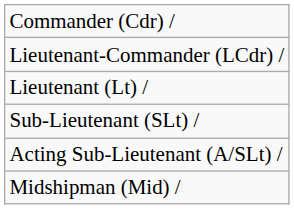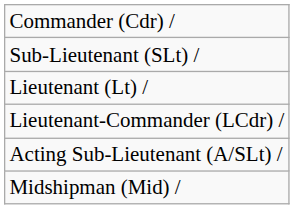 <table class="wikitable">
 <tr>
 <td>Commander (Cdr) /  </td>
 </tr>
 <tr>
-<td>Lieutenant-Commander (LCdr) /  </td>
+<td>Sub-Lieutenant (SLt) /  </td>
 </tr>
 <tr>
 <td>Lieutenant (Lt) /  </td>
 </tr>
 <tr>
-<td>Sub-Lieutenant (SLt) /  </td>
+<td>Lieutenant-Commander (LCdr) /  </td>
 </tr>
 <tr>
 <td>Acting Sub-Lieutenant (A/SLt) /  </td>
 </tr>
 <tr>
 <td>Midshipman (Mid) /  </td>
 </tr>
 </table>
